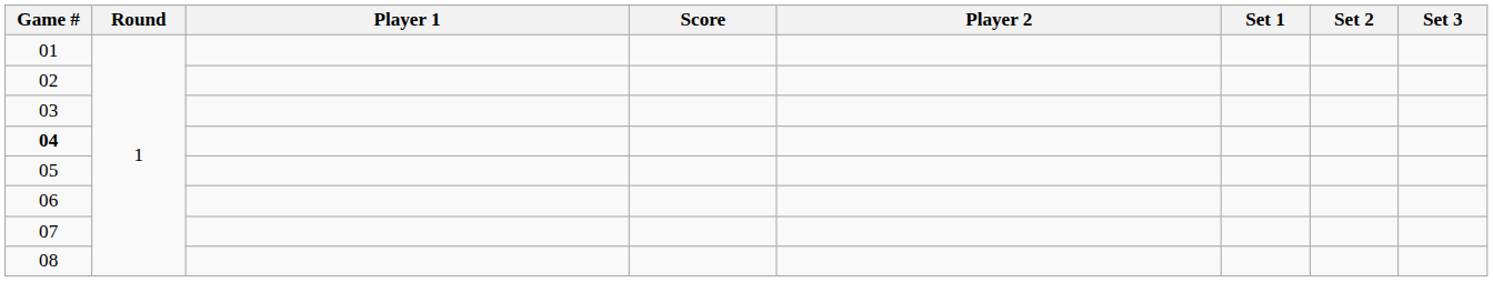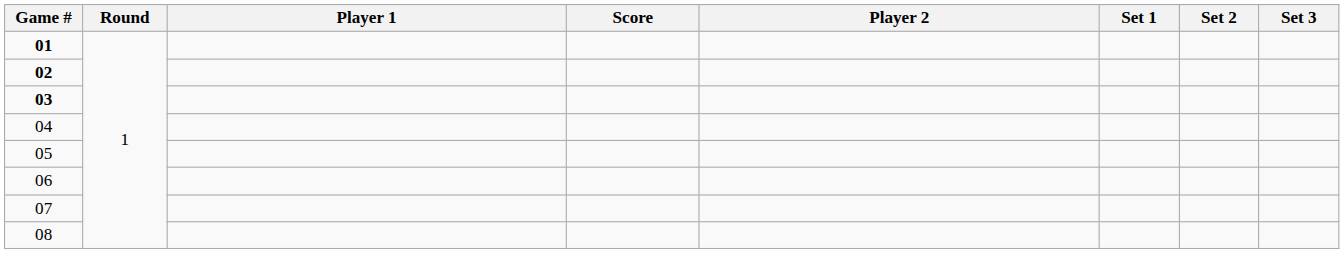 <table class="wikitable">
 <tr>
 <th width="2%">Game #</th>
 <th width="2%">Round</th>
 <th width="15%">Player 1</th>
 <th width="5%">Score</th>
 <th width="15%">Player 2</th>
 <th width="3%">Set 1</th>
 <th width="3%">Set 2</th>
 <th width="3%">Set 3</th>
 </tr>
 <tr style=text-align:center;>
-<td>01</td>
+<td><strong>01</strong></td>
 <td rowspan=8>1</td>
 <td></td>
 <td></td>
 <td><strong></strong></td>
 <td></td>
 <td></td>
 <td></td>
 </tr>
 <tr style=text-align:center;>
-<td>02</td>
+<td><strong>02</strong></td>
 <td></td>
 <td></td>
 <td><strong></strong></td>
 <td></td>
 <td></td>
 <td></td>
 </tr>
 <tr style=text-align:center;>
-<td>03</td>
+<td><strong>03</strong></td>
 <td><strong></strong></td>
 <td></td>
 <td></td>
 <td></td>
 <td></td>
 <td></td>
 </tr>
 <tr style=text-align:center;>
-<td><strong>04</strong></td>
+<td>04</td>
 <td></td>
 <td></td>
 <td><strong></strong></td>
 <td></td>
 <td></td>
 <td></td>
 </tr>
 <tr style=text-align:center;>
 <td>05</td>
 <td><strong></strong></td>
 <td></td>
 <td></td>
 <td></td>
 <td></td>
 <td></td>
 </tr>
 <tr style=text-align:center;>
 <td>06</td>
 <td><strong></strong></td>
 <td></td>
 <td></td>
 <td></td>
 <td></td>
 <td></td>
 </tr>
 <tr style=text-align:center;>
 <td>07</td>
 <td><strong></strong></td>
 <td></td>
 <td></td>
 <td></td>
 <td></td>
 <td></td>
 </tr>
 <tr style=text-align:center;>
 <td>08</td>
 <td></td>
 <td></td>
 <td><strong></strong></td>
 <td></td>
 <td></td>
 <td></td>
 </tr>
 </table>
